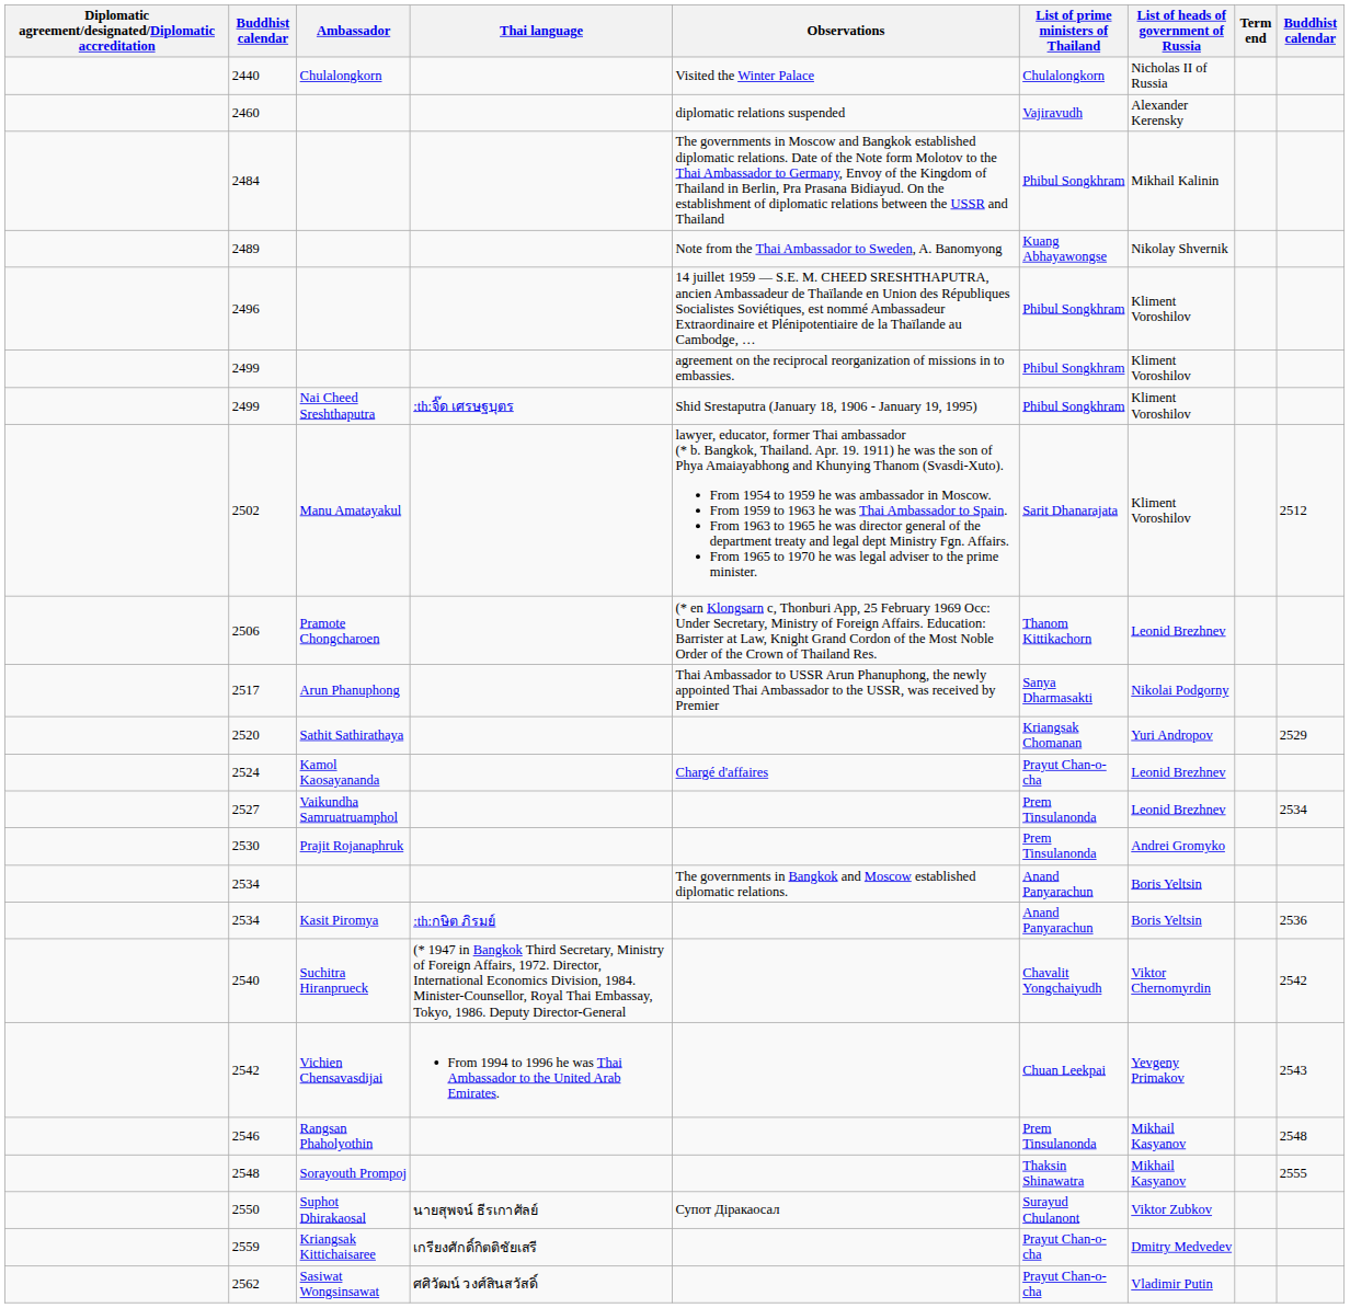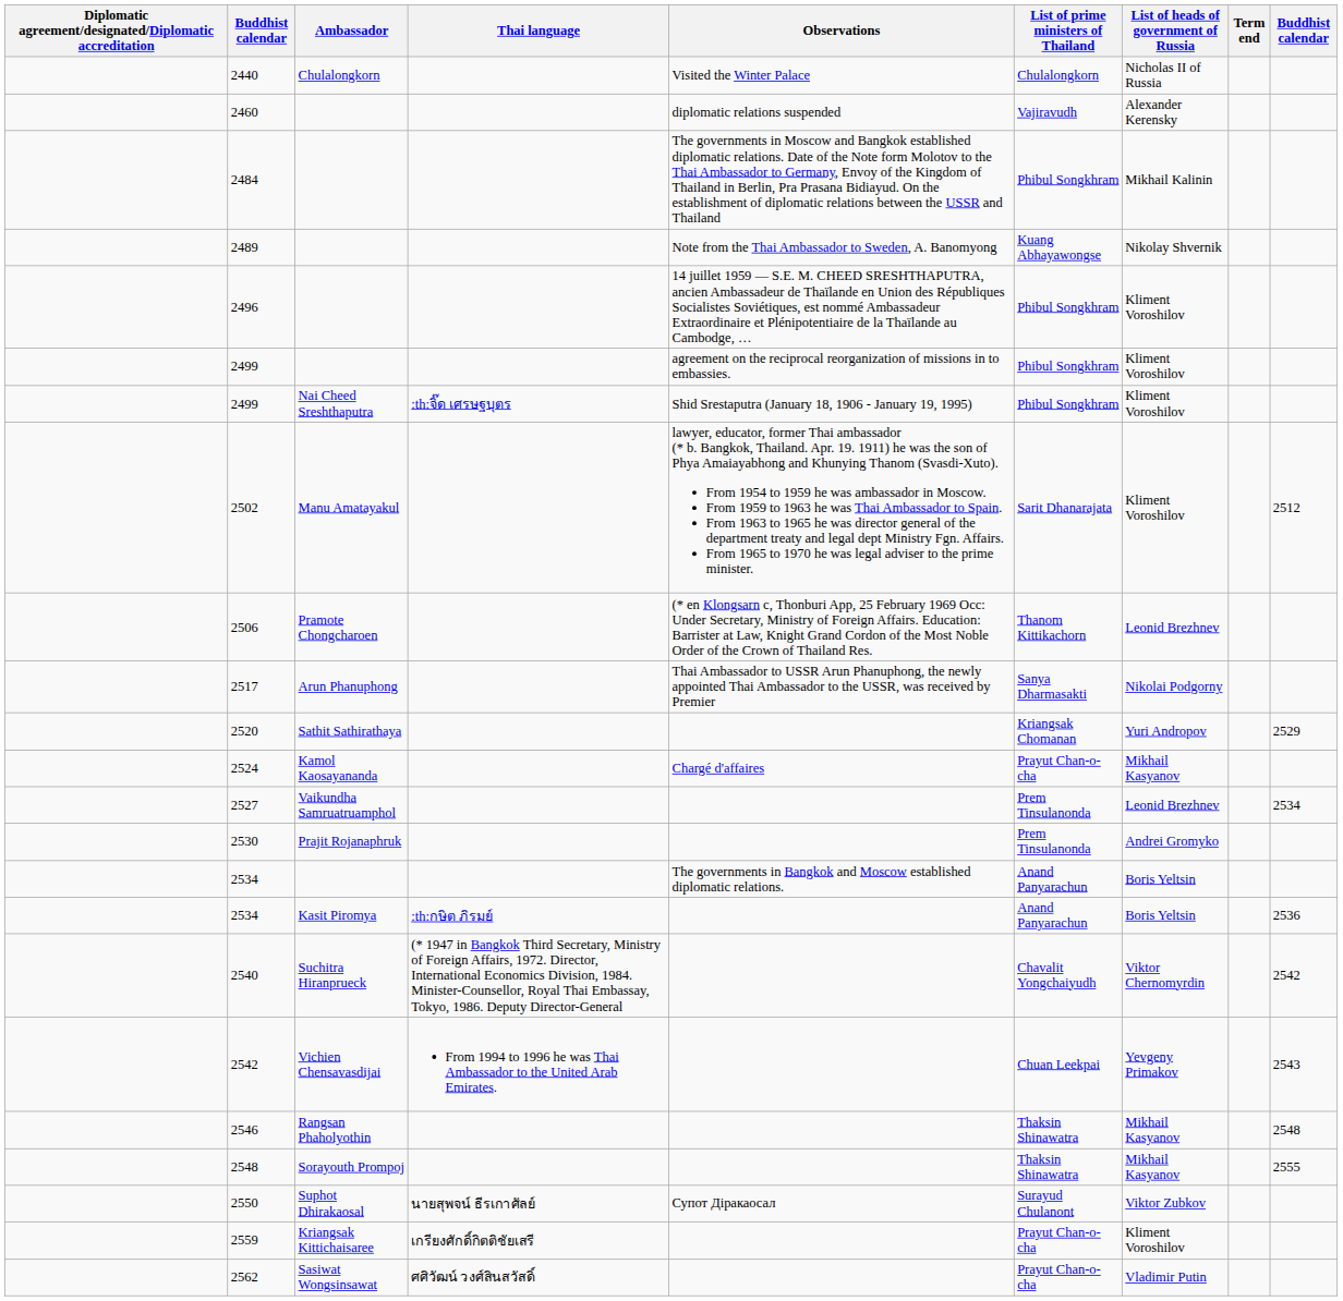 <table class="wikitable sortable">
 <tr>
 <th>Diplomatic agreement/designated/<a href='#'>Diplomatic accreditation</a></th>
 <th><a href='#'>Buddhist calendar</a></th>
 <th><a href='#'>Ambassador</a></th>
 <th><a href='#'>Thai language</a></th>
 <th>Observations</th>
 <th><a href='#'>List of prime ministers of Thailand</a></th>
 <th><a href='#'>List of heads of government of Russia</a></th>
 <th>Term end</th>
 <th><a href='#'>Buddhist calendar</a></th>
 </tr>
 <tr>
 <td></td>
 <td>2440</td>
 <td><a href='#'>Chulalongkorn</a></td>
 <td></td>
 <td>Visited the <a href='#'>Winter Palace</a></td>
 <td><a href='#'>Chulalongkorn</a></td>
 <td>Nicholas II of Russia</td>
 <td></td>
 <td></td>
 </tr>
 <tr>
 <td></td>
 <td>2460</td>
 <td></td>
 <td></td>
 <td>diplomatic relations suspended</td>
 <td><a href='#'>Vajiravudh</a></td>
 <td>Alexander Kerensky</td>
 <td></td>
 <td></td>
 </tr>
 <tr>
 <td></td>
 <td>2484</td>
 <td></td>
 <td></td>
 <td>The governments in Moscow and Bangkok established diplomatic relations. Date of the Note form Molotov to the <a href='#'>Thai Ambassador to Germany</a>, Envoy of the Kingdom of Thailand in Berlin, Pra Prasana Bidiayud. On the establishment of diplomatic relations between the <a href='#'>USSR</a> and Thailand</td>
 <td><a href='#'>Phibul Songkhram</a></td>
 <td>Mikhail Kalinin</td>
 <td></td>
 <td></td>
 </tr>
 <tr>
 <td></td>
 <td>2489</td>
 <td></td>
 <td></td>
 <td>Note from the <a href='#'>Thai Ambassador to Sweden</a>, A. Banomyong</td>
 <td><a href='#'>Kuang Abhayawongse</a></td>
 <td>Nikolay Shvernik</td>
 <td></td>
 <td></td>
 </tr>
 <tr>
 <td></td>
 <td>2496</td>
 <td></td>
 <td></td>
 <td>14 juillet 1959 — S.E. M. CHEED SRESHTHAPUTRA, ancien Ambassadeur de Thaïlande en Union des Républiques Socialistes Soviétiques, est nommé Ambassadeur Extraordinaire et Plénipotentiaire de la Thaïlande au Cambodge, …</td>
 <td><a href='#'>Phibul Songkhram</a></td>
 <td>Kliment Voroshilov</td>
 <td></td>
 <td></td>
 </tr>
 <tr>
 <td></td>
 <td>2499</td>
 <td></td>
 <td></td>
 <td>agreement on the reciprocal reorganization of missions in to embassies.</td>
 <td><a href='#'>Phibul Songkhram</a></td>
 <td>Kliment Voroshilov</td>
 <td></td>
 <td></td>
 </tr>
 <tr>
 <td></td>
 <td>2499</td>
 <td><a href='#'>Nai Cheed Sreshthaputra</a></td>
 <td><a href='#'>:th:จิ๊ด เศรษฐบุตร</a></td>
 <td>Shid Srestaputra (January 18, 1906 - January 19, 1995)</td>
 <td><a href='#'>Phibul Songkhram</a></td>
 <td>Kliment Voroshilov</td>
 <td></td>
 <td></td>
 </tr>
 <tr>
 <td></td>
 <td>2502</td>
 <td><a href='#'>Manu Amatayakul</a></td>
 <td></td>
 <td>lawyer, educator, former Thai ambassador<br>(* b. Bangkok, Thailand. Apr. 19. 1911) he was the son of Phya Amaiayabhong and Khunying Thanom (Svasdi-Xuto).<ul><li>From 1954 to 1959 he was ambassador in Moscow.</li><li>From 1959 to 1963 he was <a href='#'>Thai Ambassador to Spain</a>.</li><li>From 1963 to 1965 he was director general of the department treaty and legal dept Ministry Fgn. Affairs.</li><li>From 1965 to 1970 he was legal adviser to the prime minister.</li></ul></td>
 <td><a href='#'>Sarit Dhanarajata</a></td>
 <td>Kliment Voroshilov</td>
 <td></td>
 <td>2512</td>
 </tr>
 <tr>
 <td></td>
 <td>2506</td>
 <td><a href='#'>Pramote Chongcharoen</a></td>
 <td></td>
 <td>(* en <a href='#'>Klongsarn</a>  c, Thonburi App, 25 February 1969 Occ:<br>Under Secretary, Ministry of Foreign Affairs.  Education: Barrister at Law, Knight Grand Cordon of the Most Noble Order of the Crown of Thailand Res.</td>
 <td><a href='#'>Thanom Kittikachorn</a></td>
 <td><a href='#'>Leonid Brezhnev</a></td>
 <td></td>
 <td></td>
 </tr>
 <tr>
 <td></td>
 <td>2517</td>
 <td><a href='#'>Arun Phanuphong</a></td>
 <td></td>
 <td>Thai Ambassador to USSR Arun Phanuphong, the newly appointed Thai Ambassador to the USSR, was received by Premier</td>
 <td><a href='#'>Sanya Dharmasakti</a></td>
 <td><a href='#'>Nikolai Podgorny</a></td>
 <td></td>
 <td></td>
 </tr>
 <tr>
 <td></td>
 <td>2520</td>
 <td><a href='#'>Sathit Sathirathaya</a></td>
 <td></td>
 <td></td>
 <td><a href='#'>Kriangsak Chomanan</a></td>
 <td><a href='#'>Yuri Andropov</a></td>
 <td></td>
 <td>2529</td>
 </tr>
 <tr>
 <td></td>
 <td>2524</td>
 <td><a href='#'>Kamol Kaosayananda</a></td>
 <td></td>
 <td><a href='#'>Chargé d'affaires</a></td>
 <td><a href='#'>Prayut Chan-o-cha</a></td>
-<td><a href='#'>Leonid Brezhnev</a></td>
+<td><a href='#'>Mikhail Kasyanov</a></td>
 <td></td>
 <td></td>
 </tr>
 <tr>
 <td></td>
 <td>2527</td>
 <td><a href='#'>Vaikundha Samruatruamphol</a></td>
 <td></td>
 <td></td>
 <td><a href='#'>Prem Tinsulanonda</a></td>
 <td><a href='#'>Leonid Brezhnev</a></td>
 <td></td>
 <td>2534</td>
 </tr>
 <tr>
 <td></td>
 <td>2530</td>
 <td><a href='#'>Prajit Rojanaphruk</a></td>
 <td></td>
 <td></td>
 <td><a href='#'>Prem Tinsulanonda</a></td>
 <td><a href='#'>Andrei Gromyko</a></td>
 <td></td>
 <td></td>
 </tr>
 <tr>
 <td></td>
 <td>2534</td>
 <td></td>
 <td></td>
 <td>The governments in <a href='#'>Bangkok</a> and <a href='#'>Moscow</a> established diplomatic relations.</td>
 <td><a href='#'>Anand Panyarachun</a></td>
 <td><a href='#'>Boris Yeltsin</a></td>
 <td></td>
 <td></td>
 </tr>
 <tr>
 <td></td>
 <td>2534</td>
 <td><a href='#'>Kasit Piromya</a></td>
 <td><a href='#'>:th:กษิต ภิรมย์</a></td>
 <td></td>
 <td><a href='#'>Anand Panyarachun</a></td>
 <td><a href='#'>Boris Yeltsin</a></td>
 <td></td>
 <td>2536</td>
 </tr>
 <tr>
 <td></td>
 <td>2540</td>
 <td><a href='#'>Suchitra Hiranprueck</a></td>
 <td>(* 1947 in <a href='#'>Bangkok</a> Third Secretary, Ministry of Foreign Affairs, 1972. Director, International Economics Division, 1984. Minister-Counsellor, Royal Thai Embassay, Tokyo, 1986. Deputy Director-General</td>
 <td></td>
 <td><a href='#'>Chavalit Yongchaiyudh</a></td>
 <td><a href='#'>Viktor Chernomyrdin</a></td>
 <td></td>
 <td>2542</td>
 </tr>
 <tr>
 <td></td>
 <td>2542</td>
 <td><a href='#'>Vichien Chensavasdijai</a></td>
 <td><br><ul><li>From 1994 to 1996 he was <a href='#'>Thai Ambassador to the United Arab Emirates</a>.</li></ul></td>
 <td></td>
 <td><a href='#'>Chuan Leekpai</a></td>
 <td><a href='#'>Yevgeny Primakov</a></td>
 <td></td>
 <td>2543</td>
 </tr>
 <tr>
 <td></td>
 <td>2546</td>
 <td><a href='#'>Rangsan Phaholyothin</a></td>
 <td></td>
 <td></td>
-<td><a href='#'>Prem Tinsulanonda</a></td>
+<td><a href='#'>Thaksin Shinawatra</a></td>
 <td><a href='#'>Mikhail Kasyanov</a></td>
 <td></td>
 <td>2548</td>
 </tr>
 <tr>
 <td></td>
 <td>2548</td>
 <td><a href='#'>Sorayouth Prompoj</a></td>
 <td></td>
 <td></td>
 <td><a href='#'>Thaksin Shinawatra</a></td>
 <td><a href='#'>Mikhail Kasyanov</a></td>
 <td></td>
 <td>2555</td>
 </tr>
 <tr>
 <td></td>
 <td>2550</td>
 <td><a href='#'>Suphot Dhirakaosal</a></td>
 <td>นายสุพจน์ ธีรเกาศัลย์</td>
 <td>Супот Діракаосал</td>
 <td><a href='#'>Surayud Chulanont</a></td>
 <td><a href='#'>Viktor Zubkov</a></td>
 <td></td>
 <td></td>
 </tr>
 <tr>
 <td></td>
 <td>2559</td>
 <td><a href='#'>Kriangsak Kittichaisaree</a></td>
 <td>เกรียงศักดิ์กิตติชัยเสรี</td>
 <td></td>
 <td><a href='#'>Prayut Chan-o-cha</a></td>
-<td><a href='#'>Dmitry Medvedev</a></td>
+<td>Kliment Voroshilov</td>
 <td></td>
 <td></td>
 </tr>
 <tr>
 <td></td>
 <td>2562</td>
 <td><a href='#'>Sasiwat Wongsinsawat</a></td>
 <td>ศศิวัฒน์ วงศ์สินสวัสดิ์</td>
 <td></td>
 <td><a href='#'>Prayut Chan-o-cha</a></td>
 <td><a href='#'>Vladimir Putin</a></td>
 <td></td>
 <td></td>
 </tr>
 </table>
